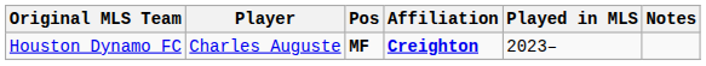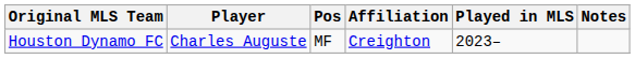 <table class="wikitable sortable">
 <tr>
 <th>Original MLS Team</th>
 <th>Player</th>
 <th>Pos</th>
 <th>Affiliation</th>
 <th>Played in MLS</th>
 <th>Notes</th>
 </tr>
 <tr>
 <td><a href='#'>Houston Dynamo FC</a></td>
 <td> <a href='#'>Charles Auguste</a></td>
-<td><strong>MF</strong></td>
-<td><strong><a href='#'>Creighton</a></strong></td>
+<td>MF</td>
+<td><a href='#'>Creighton</a></td>
 <td>2023–</td>
 <td></td>
 </tr>
 <tr>
 </tr>
 </table>
